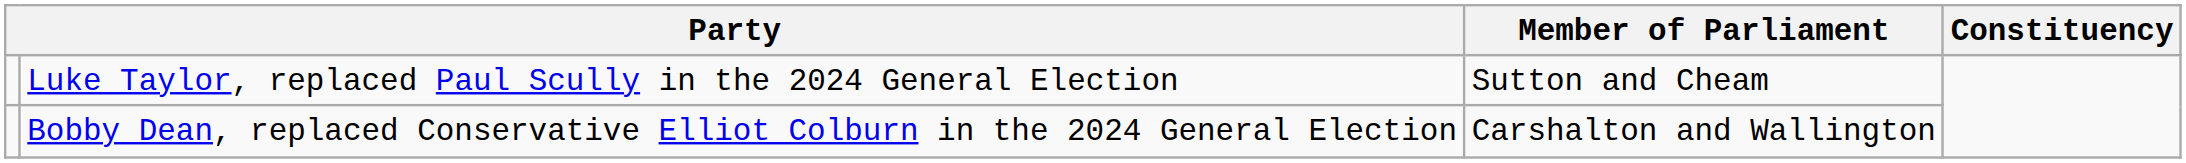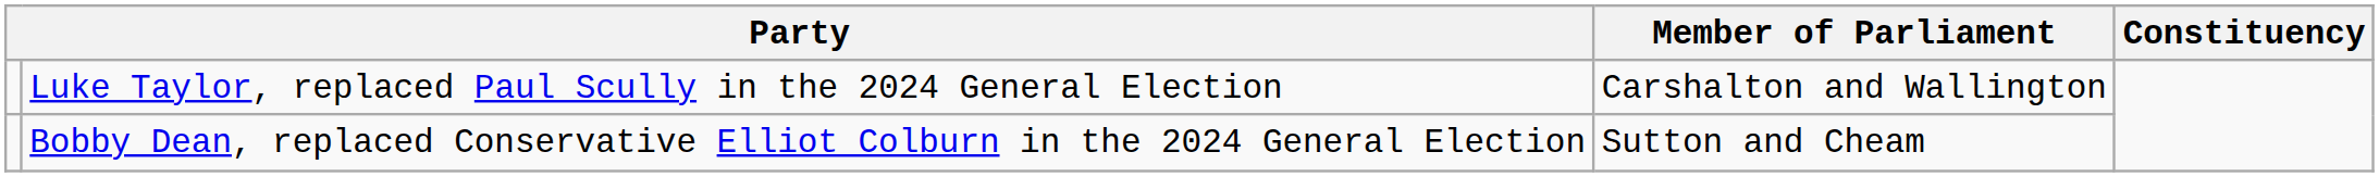 <table class="wikitable">
 <tr>
 <th colspan=2>Party</th>
 <th>Member of Parliament</th>
 <th>Constituency</th>
 </tr>
 <tr>
 <td></td>
 <td><a href='#'>Luke Taylor</a>, replaced <a href='#'>Paul Scully</a> in the 2024 General Election</td>
-<td>Sutton and Cheam</td>
+<td>Carshalton and Wallington</td>
 </tr>
 <tr>
 <td></td>
 <td><a href='#'>Bobby Dean</a>, replaced Conservative <a href='#'>Elliot Colburn</a> in the 2024 General Election</td>
-<td>Carshalton and Wallington</td>
+<td>Sutton and Cheam</td>
 </tr>
 </table>
